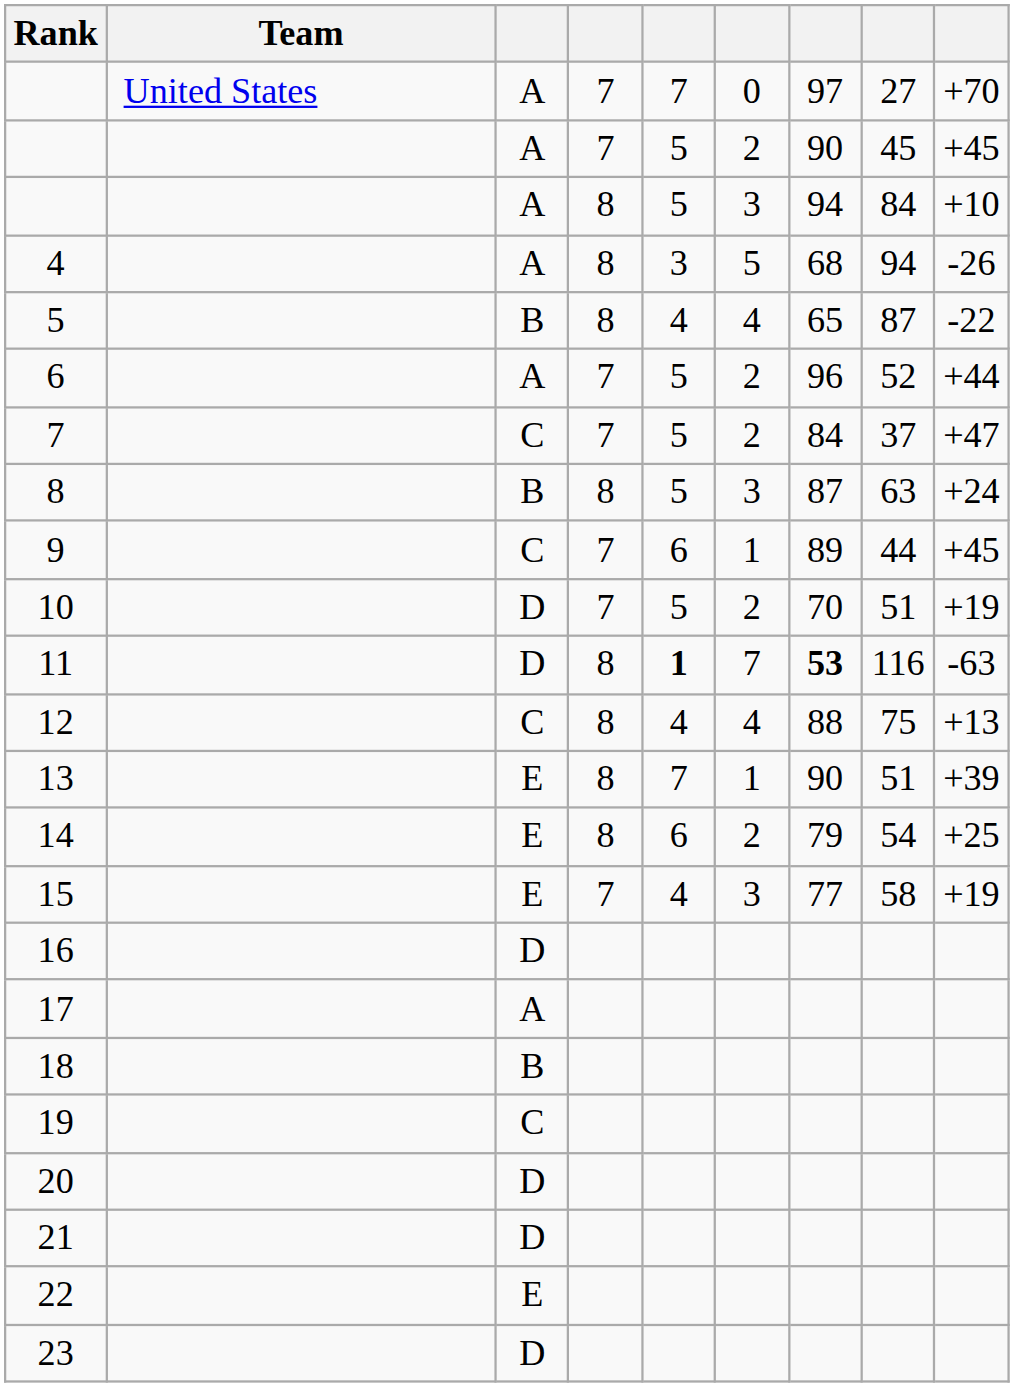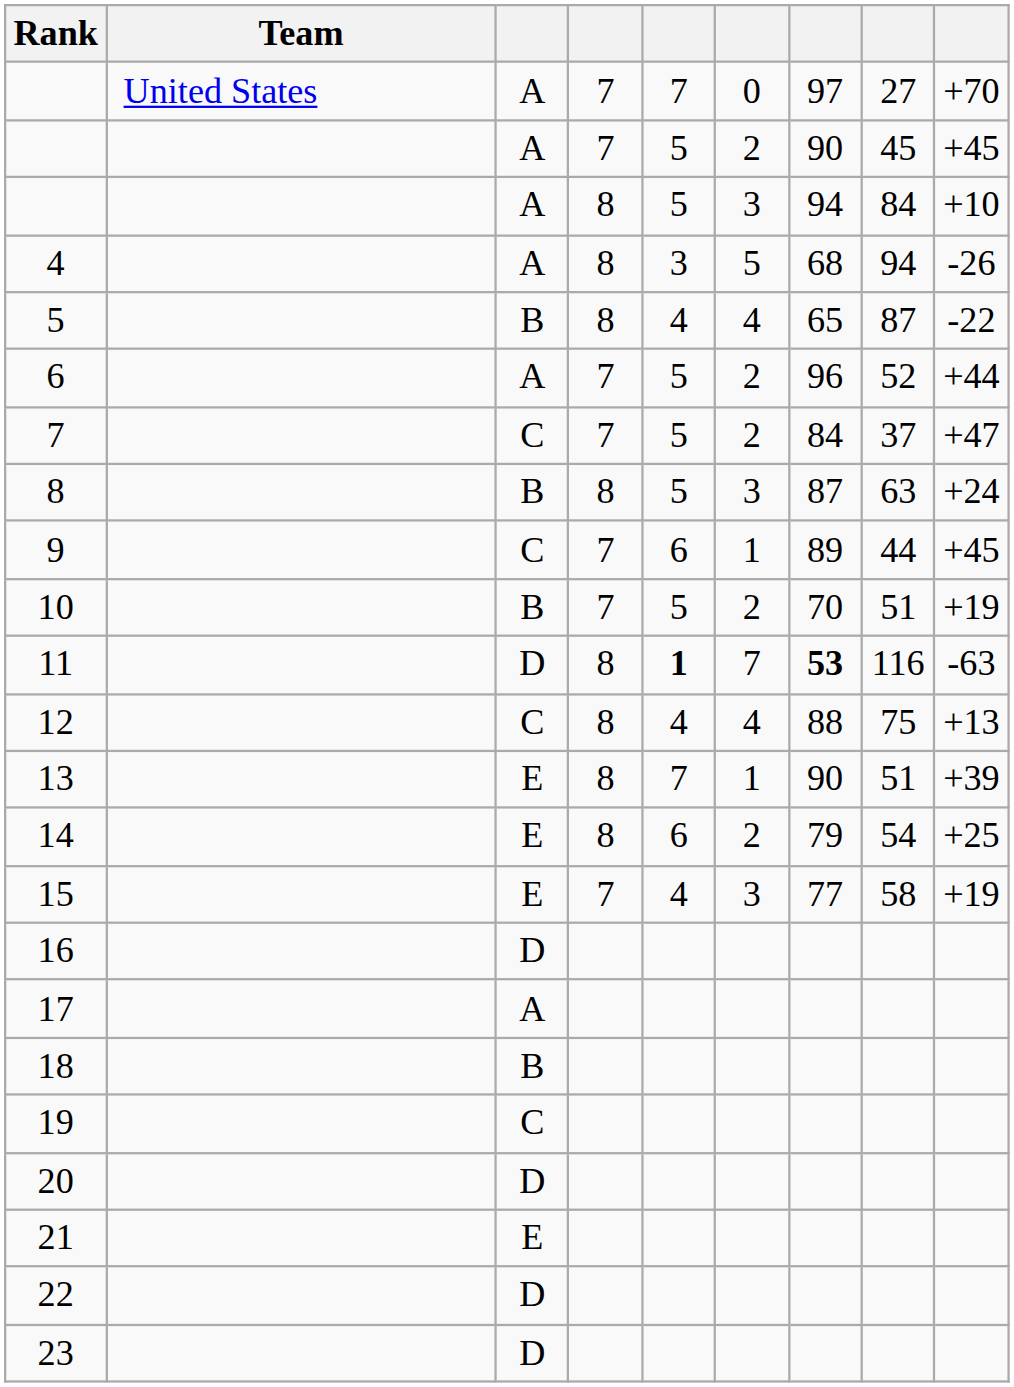 <table class="wikitable sortable" style="text-align:center;">
 <tr bc=gold>
 <th>Rank</th>
 <th width=165>Team</th>
 <th width=25></th>
 <th width=25></th>
 <th width=25></th>
 <th width=25></th>
 <th width=25></th>
 <th width=25></th>
 <th width=25><br>              </th>
 </tr>
 <tr>
 <td></td>
 <td align=left> <a href='#'>United States</a></td>
 <td>A</td>
 <td>7</td>
 <td>7</td>
 <td>0</td>
 <td>97</td>
 <td>27</td>
 <td>+70</td>
 </tr>
 <tr>
 <td></td>
 <td align=left></td>
 <td>A</td>
 <td>7</td>
 <td>5</td>
 <td>2</td>
 <td>90</td>
 <td>45</td>
 <td>+45</td>
 </tr>
 <tr>
 <td></td>
 <td align=left></td>
 <td>A</td>
 <td>8</td>
 <td>5</td>
 <td>3</td>
 <td>94</td>
 <td>84</td>
 <td>+10</td>
 </tr>
 <tr>
 <td>4</td>
 <td align=left></td>
 <td>A</td>
 <td>8</td>
 <td>3</td>
 <td>5</td>
 <td>68</td>
 <td>94</td>
 <td>-26</td>
 </tr>
 <tr>
 <td>5</td>
 <td align=left></td>
 <td>B</td>
 <td>8</td>
 <td>4</td>
 <td>4</td>
 <td>65</td>
 <td>87</td>
 <td>-22</td>
 </tr>
 <tr>
 <td>6</td>
 <td align=left></td>
 <td>A</td>
 <td>7</td>
 <td>5</td>
 <td>2</td>
 <td>96</td>
 <td>52</td>
 <td>+44</td>
 </tr>
 <tr>
 <td>7</td>
 <td align=left></td>
 <td>C</td>
 <td>7</td>
 <td>5</td>
 <td>2</td>
 <td>84</td>
 <td>37</td>
 <td>+47</td>
 </tr>
 <tr>
 <td>8</td>
 <td align=left></td>
 <td>B</td>
 <td>8</td>
 <td>5</td>
 <td>3</td>
 <td>87</td>
 <td>63</td>
 <td>+24</td>
 </tr>
 <tr>
 <td>9</td>
 <td align=left></td>
 <td>C</td>
 <td>7</td>
 <td>6</td>
 <td>1</td>
 <td>89</td>
 <td>44</td>
 <td>+45</td>
 </tr>
 <tr>
 <td>10</td>
 <td align=left></td>
-<td>D</td>
+<td>B</td>
 <td>7</td>
 <td>5</td>
 <td>2</td>
 <td>70</td>
 <td>51</td>
 <td>+19</td>
 </tr>
 <tr>
 <td>11</td>
 <td align=left></td>
 <td>D</td>
 <td>8</td>
 <td><strong>1</strong></td>
 <td>7</td>
 <td><strong>53</strong></td>
 <td>116</td>
 <td>-63</td>
 </tr>
 <tr>
 <td>12</td>
 <td align=left></td>
 <td>C</td>
 <td>8</td>
 <td>4</td>
 <td>4</td>
 <td>88</td>
 <td>75</td>
 <td>+13</td>
 </tr>
 <tr>
 <td>13</td>
 <td align=left></td>
 <td>E</td>
 <td>8</td>
 <td>7</td>
 <td>1</td>
 <td>90</td>
 <td>51</td>
 <td>+39</td>
 </tr>
 <tr>
 <td>14</td>
 <td align=left></td>
 <td>E</td>
 <td>8</td>
 <td>6</td>
 <td>2</td>
 <td>79</td>
 <td>54</td>
 <td>+25</td>
 </tr>
 <tr>
 <td>15</td>
 <td align=left></td>
 <td>E</td>
 <td>7</td>
 <td>4</td>
 <td>3</td>
 <td>77</td>
 <td>58</td>
 <td>+19</td>
 </tr>
 <tr>
 <td>16</td>
 <td align=left></td>
 <td>D</td>
 <td></td>
 <td></td>
 <td></td>
 <td></td>
 <td></td>
 <td></td>
 </tr>
 <tr>
 <td>17</td>
 <td align=left></td>
 <td>A</td>
 <td></td>
 <td></td>
 <td></td>
 <td></td>
 <td></td>
 <td></td>
 </tr>
 <tr>
 <td>18</td>
 <td align=left></td>
 <td>B</td>
 <td></td>
 <td></td>
 <td></td>
 <td></td>
 <td></td>
 <td></td>
 </tr>
 <tr>
 <td>19</td>
 <td align=left></td>
 <td>C</td>
 <td></td>
 <td></td>
 <td></td>
 <td></td>
 <td></td>
 <td></td>
 </tr>
 <tr>
 <td>20</td>
 <td align=left></td>
 <td>D</td>
 <td></td>
 <td></td>
 <td></td>
 <td></td>
 <td></td>
 <td></td>
 </tr>
 <tr>
 <td>21</td>
 <td align=left></td>
-<td>D</td>
+<td>E</td>
 <td></td>
 <td></td>
 <td></td>
 <td></td>
 <td></td>
 <td></td>
 </tr>
 <tr>
 <td>22</td>
 <td align=left></td>
-<td>E</td>
+<td>D</td>
 <td></td>
 <td></td>
 <td></td>
 <td></td>
 <td></td>
 <td></td>
 </tr>
 <tr>
 <td>23</td>
 <td align=left></td>
 <td>D</td>
 <td></td>
 <td></td>
 <td></td>
 <td></td>
 <td></td>
 <td></td>
 </tr>
 </table>
